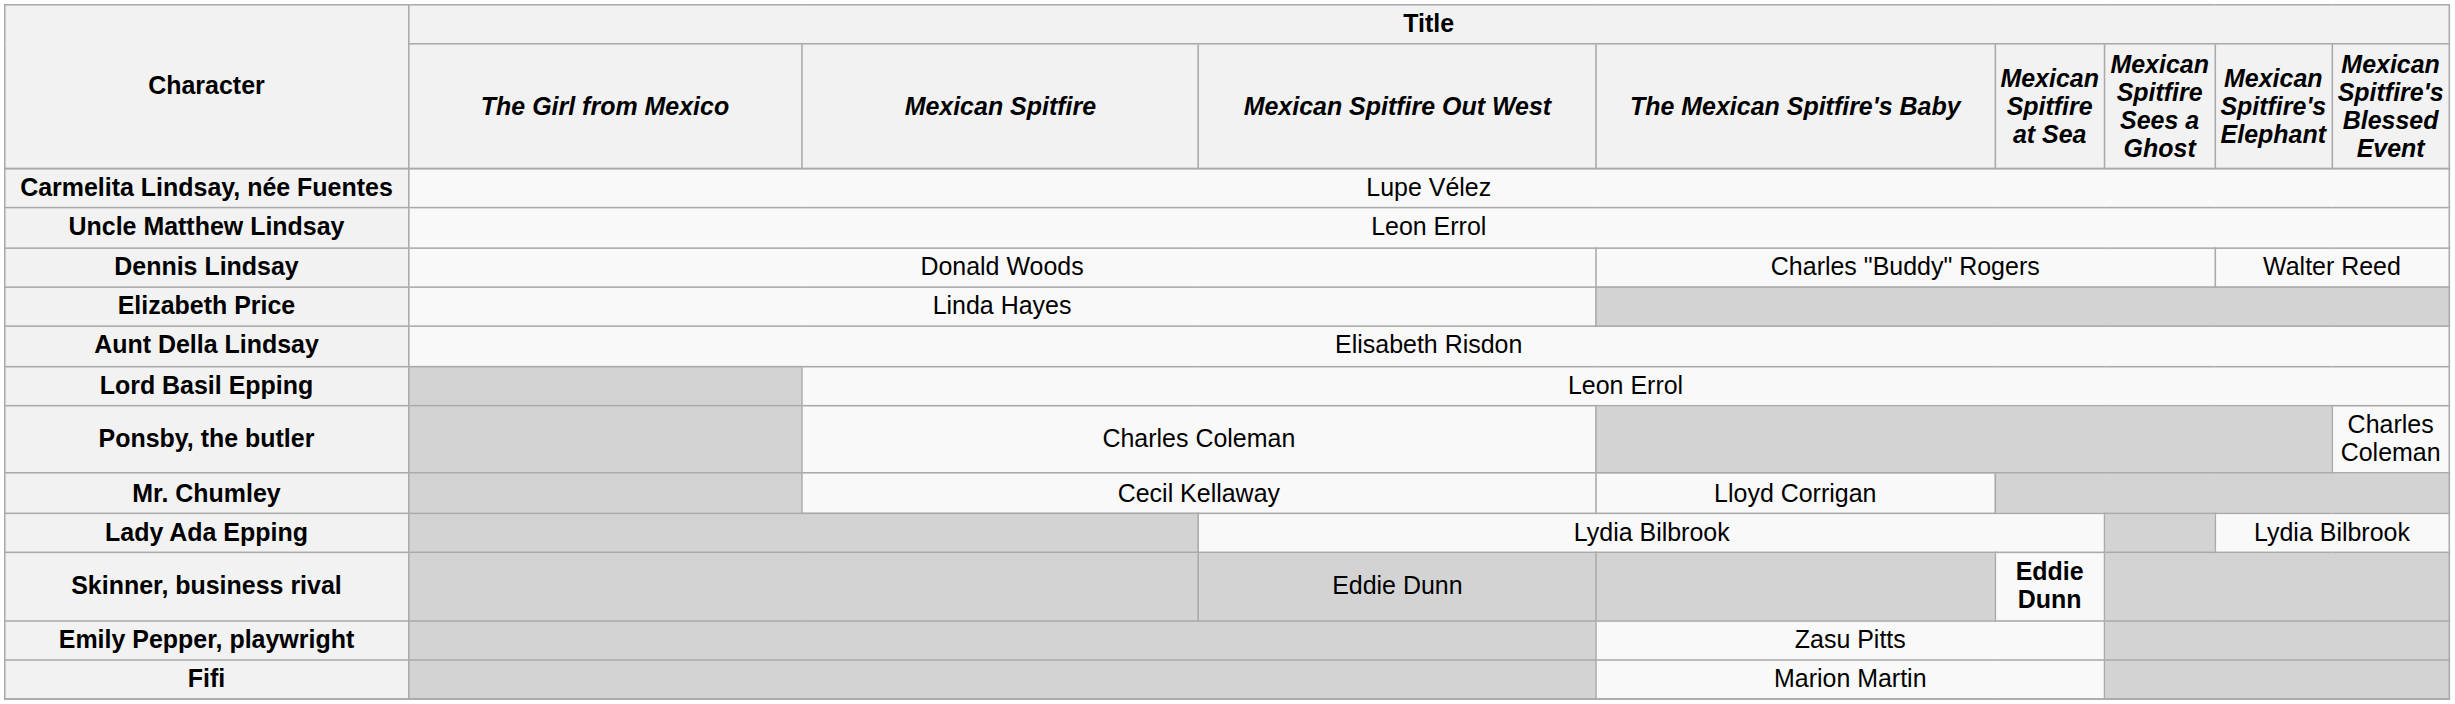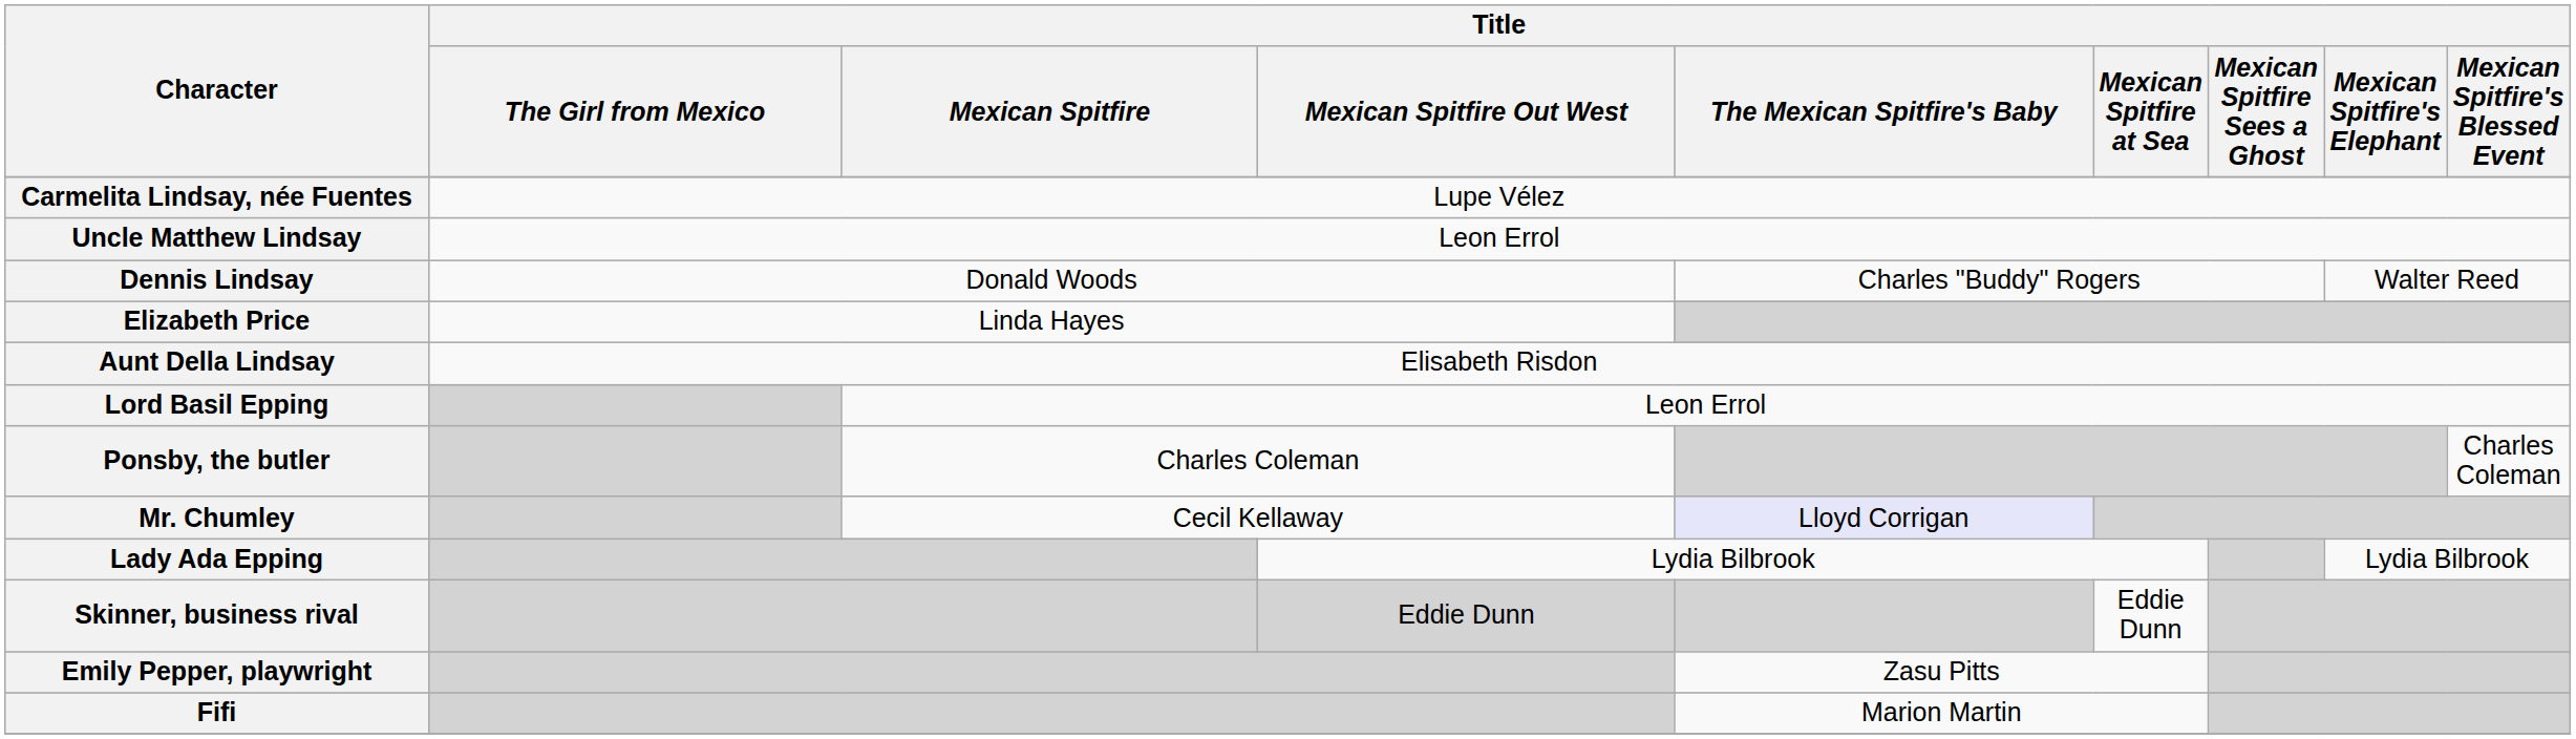 <table class="wikitable" style="text-align:center;">
 <tr>
 <th rowspan="2" style="width:20%;">Character</th>
 <th colspan=8>Title</th>
 </tr>
 <tr>
 <th style="width:20%;"><em>The Girl from Mexico</em></th>
 <th style="width:20%;"><em>Mexican Spitfire</em></th>
 <th style="width:20%;"><em>Mexican Spitfire Out West</em></th>
 <th style="width:20%;"><em>The Mexican Spitfire's Baby</em></th>
 <th style="width:20%;"><em>Mexican Spitfire at Sea</em></th>
 <th style="width:20%;"><em>Mexican Spitfire Sees a Ghost</em></th>
 <th style="width:20%;"><em>Mexican Spitfire's Elephant</em></th>
 <th style="width:20%;"><em>Mexican Spitfire's Blessed Event</em></th>
 </tr>
 <tr>
 </tr>
 <tr>
 <th>Carmelita Lindsay, née Fuentes</th>
 <td colspan="8">Lupe Vélez</td>
 </tr>
 <tr>
 <th>Uncle Matthew Lindsay</th>
 <td colspan="8">Leon Errol</td>
 </tr>
 <tr>
 <th>Dennis Lindsay</th>
 <td colspan="3">Donald Woods</td>
 <td colspan="3">Charles "Buddy" Rogers</td>
 <td colspan="2">Walter Reed</td>
 </tr>
 <tr>
 <th>Elizabeth Price</th>
 <td colspan="3">Linda Hayes</td>
 <td style="background:#d3d3d3;" colspan=5></td>
 </tr>
 <tr>
 <th>Aunt Della Lindsay</th>
 <td colspan="8">Elisabeth Risdon</td>
 </tr>
 <tr>
 <th>Lord Basil Epping</th>
 <td style="background:#d3d3d3;" colspan=1></td>
 <td colspan="7">Leon Errol</td>
 </tr>
 <tr>
 <th>Ponsby, the butler</th>
 <td style="background:#d3d3d3;" colspan=1></td>
 <td colspan="2">Charles Coleman</td>
 <td style="background:#d3d3d3;" colspan=4></td>
 <td colspan="2">Charles Coleman</td>
 </tr>
 <tr>
 <th>Mr. Chumley</th>
 <td style="background:#d3d3d3;" colspan=1></td>
 <td colspan="2">Cecil Kellaway</td>
-<td colspan="1">Lloyd Corrigan</td>
+<td colspan="1" style="background: lavender;">Lloyd Corrigan</td>
 <td style="background:#d3d3d3;" colspan=4></td>
 </tr>
 <tr>
 <th>Lady Ada Epping</th>
 <td style="background:#d3d3d3;" colspan=2></td>
 <td colspan="3">Lydia Bilbrook</td>
 <td style="background:#d3d3d3;" colspan=1></td>
 <td colspan="2">Lydia Bilbrook</td>
 </tr>
 <tr>
 <th>Skinner, business rival</th>
 <td style="background:#d3d3d3;" colspan=2></td>
 <td colspan="1" style="background: lightgrey;">Eddie Dunn</td>
 <td style="background:#d3d3d3;" colspan=1></td>
-<td colspan="1"><strong>Eddie Dunn</strong></td>
+<td colspan="1">Eddie Dunn</td>
 <td style="background:#d3d3d3;" colspan=3></td>
 </tr>
 <tr>
 <th>Emily Pepper, playwright</th>
 <td style="background: #D3D3D3;" colspan=3></td>
 <td colspan="2">Zasu Pitts</td>
 <td style="background: #D3D3D3;" colspan=3></td>
 </tr>
 <tr>
 <th>Fifi</th>
 <td style="background: #D3D3D3;" colspan=3></td>
 <td colspan="2">Marion Martin</td>
 <td style="background: #D3D3D3;" colspan=3></td>
 </tr>
 <tr>
 </tr>
 </table>
